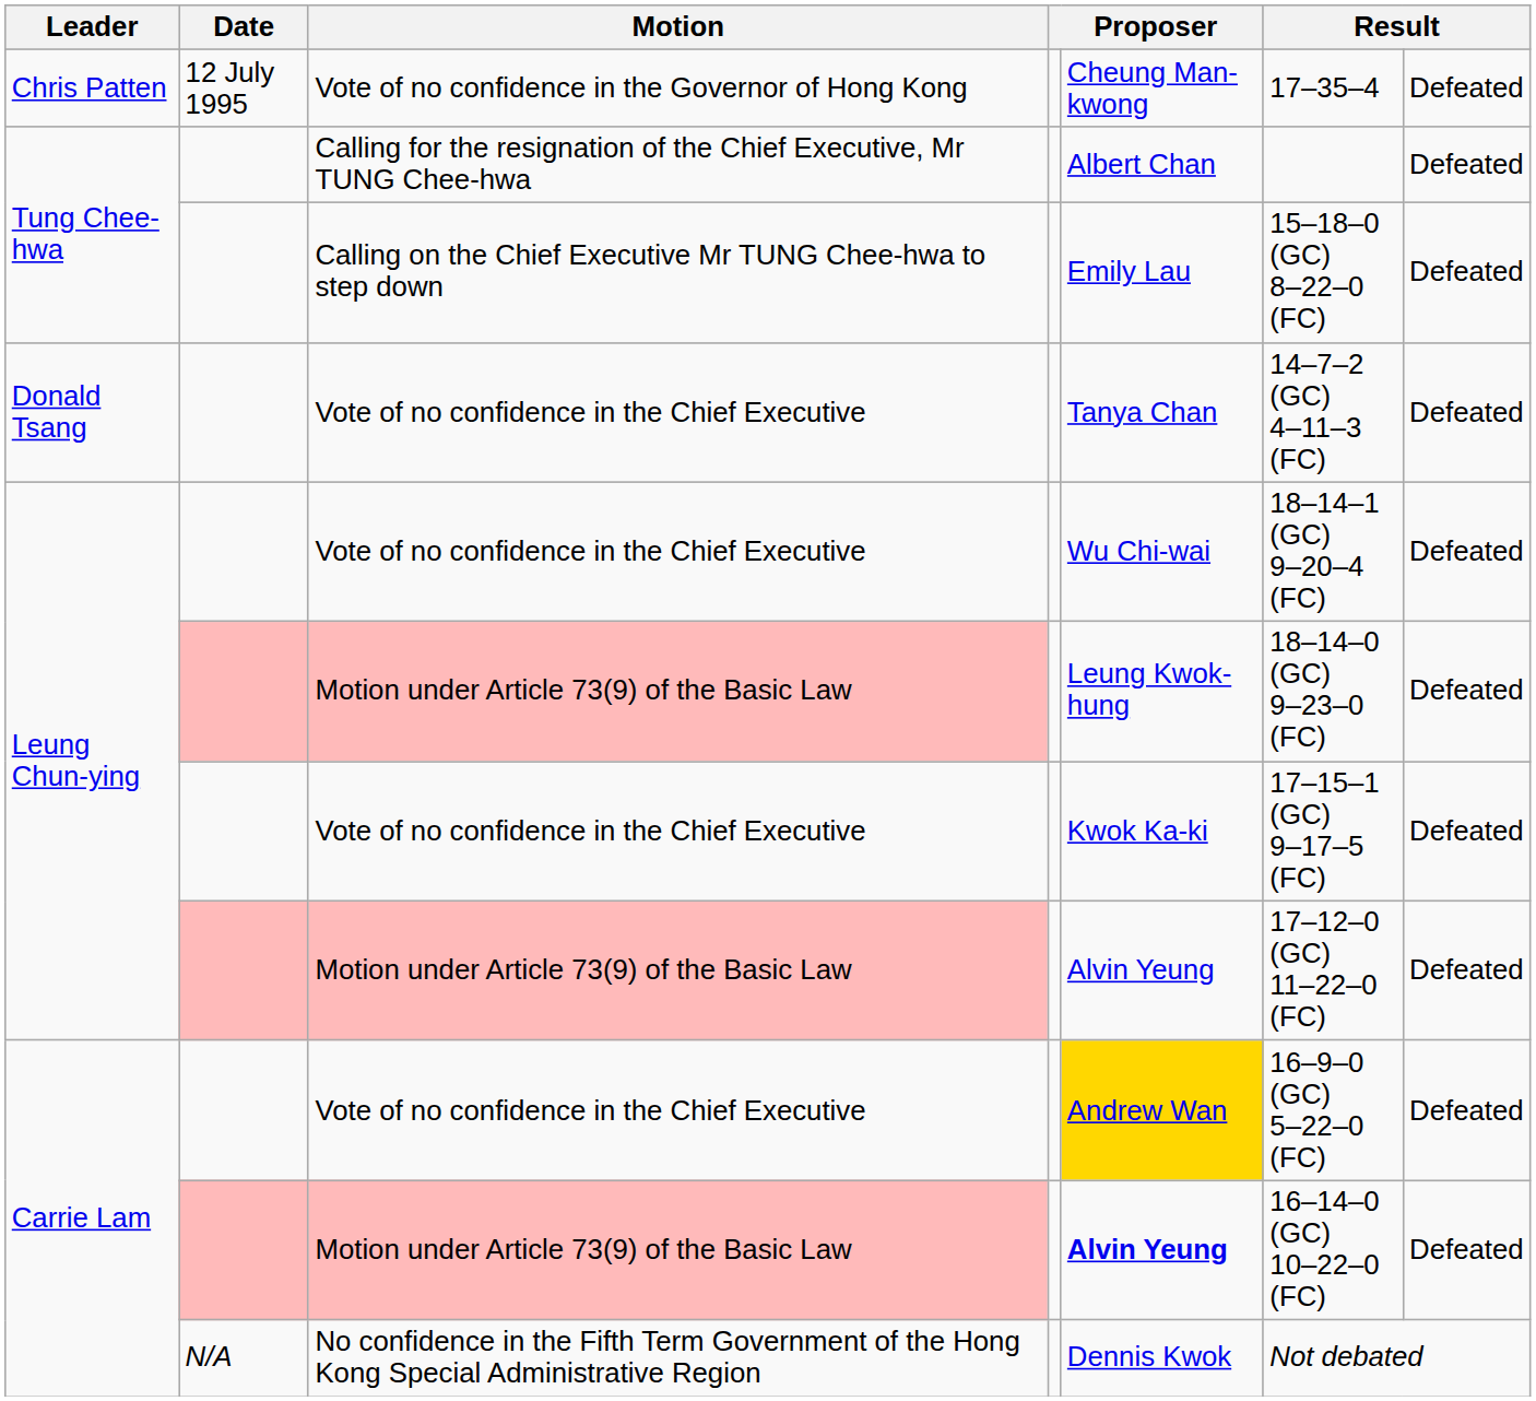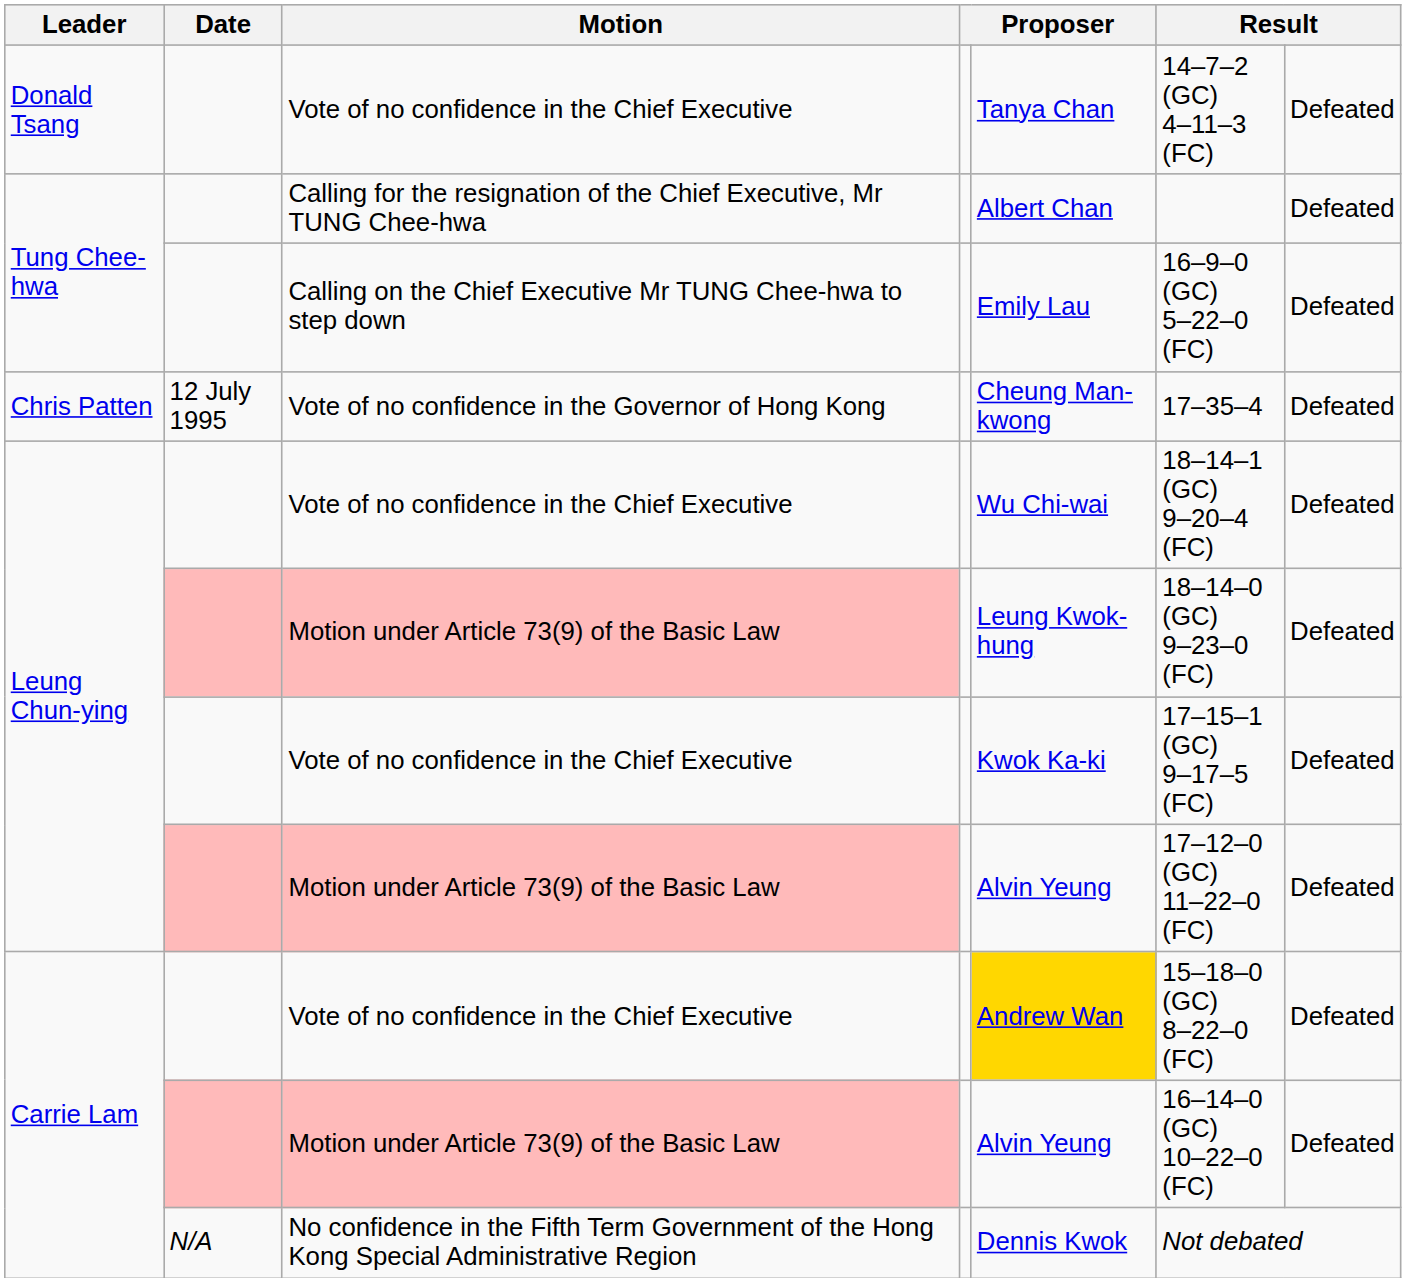 <table class="wikitable">
 <tr>
 <th>Leader</th>
 <th>Date</th>
 <th>Motion</th>
 <th colspan="2">Proposer</th>
 <th colspan="2">Result</th>
 </tr>
 <tr>
-<td><a href='#'>Chris Patten</a></td>
-<td>12 July 1995</td>
-<td>Vote of no confidence in the Governor of Hong Kong</td>
+<td><a href='#'>Donald Tsang</a></td>
 <td></td>
-<td><a href='#'>Cheung Man-kwong</a><br></td>
-<td>17–35–4</td>
+<td>Vote of no confidence in the Chief Executive</td>
+<td bgcolor=></td>
+<td><a href='#'>Tanya Chan</a><br></td>
+<td>14–7–2 (GC)<br>4–11–3 (FC)</td>
 <td>Defeated</td>
 </tr>
 <tr>
 <td rowspan="2"><a href='#'>Tung Chee-hwa</a></td>
 <td></td>
 <td>Calling for the resignation of the Chief Executive, Mr TUNG Chee-hwa</td>
 <td bgcolor=></td>
 <td><a href='#'>Albert Chan</a><br></td>
 <td><br></td>
 <td>Defeated</td>
 </tr>
 <tr>
 <td></td>
 <td>Calling on the Chief Executive Mr TUNG Chee-hwa to step down</td>
 <td bgcolor=></td>
 <td><a href='#'>Emily Lau</a><br></td>
-<td>15–18–0 (GC)<br>8–22–0 (FC)</td>
+<td>16–9–0 (GC)<br>5–22–0 (FC)</td>
 <td>Defeated</td>
 </tr>
 <tr>
-<td><a href='#'>Donald Tsang</a></td>
+<td><a href='#'>Chris Patten</a></td>
+<td>12 July 1995</td>
+<td>Vote of no confidence in the Governor of Hong Kong</td>
 <td></td>
-<td>Vote of no confidence in the Chief Executive</td>
-<td bgcolor=></td>
-<td><a href='#'>Tanya Chan</a><br></td>
-<td>14–7–2 (GC)<br>4–11–3 (FC)</td>
+<td><a href='#'>Cheung Man-kwong</a><br></td>
+<td>17–35–4</td>
 <td>Defeated</td>
 </tr>
 <tr>
 <td rowspan="4"><a href='#'>Leung Chun-ying</a></td>
 <td></td>
 <td>Vote of no confidence in the Chief Executive</td>
 <td bgcolor=></td>
 <td><a href='#'>Wu Chi-wai</a><br></td>
 <td>18–14–1 (GC)<br>9–20–4 (FC)</td>
 <td>Defeated</td>
 </tr>
 <tr>
 <td bgcolor=#ffbaba></td>
 <td bgcolor=#ffbaba>Motion under Article 73(9) of the Basic Law</td>
 <td bgcolor=></td>
 <td><a href='#'>Leung Kwok-hung</a><br></td>
 <td>18–14–0 (GC)<br>9–23–0 (FC)</td>
 <td>Defeated</td>
 </tr>
 <tr>
 <td></td>
 <td>Vote of no confidence in the Chief Executive</td>
 <td bgcolor=></td>
 <td><a href='#'>Kwok Ka-ki</a><br></td>
 <td>17–15–1 (GC)<br>9–17–5 (FC)</td>
 <td>Defeated</td>
 </tr>
 <tr>
 <td bgcolor=#ffbaba></td>
 <td bgcolor=#ffbaba>Motion under Article 73(9) of the Basic Law</td>
 <td bgcolor=></td>
 <td><a href='#'>Alvin Yeung</a><br></td>
 <td>17–12–0 (GC)<br>11–22–0 (FC)</td>
 <td>Defeated</td>
 </tr>
 <tr>
 <td rowspan="3"><a href='#'>Carrie Lam</a></td>
 <td></td>
 <td>Vote of no confidence in the Chief Executive</td>
 <td bgcolor=></td>
 <td style="background: gold;"><a href='#'>Andrew Wan</a><br></td>
-<td>16–9–0 (GC)<br>5–22–0 (FC)</td>
+<td>15–18–0 (GC)<br>8–22–0 (FC)</td>
 <td>Defeated</td>
 </tr>
 <tr>
 <td bgcolor=#ffbaba></td>
 <td bgcolor=#ffbaba>Motion under Article 73(9) of the Basic Law</td>
 <td bgcolor=></td>
-<td><strong><a href='#'>Alvin Yeung</a><br></strong></td>
+<td><a href='#'>Alvin Yeung</a><br></td>
 <td>16–14–0 (GC)<br>10–22–0 (FC)</td>
 <td>Defeated</td>
 </tr>
 <tr>
 <td><em>N/A</em></td>
 <td>No confidence in the Fifth Term Government of the Hong Kong Special Administrative Region</td>
 <td></td>
 <td><a href='#'>Dennis Kwok</a><br></td>
 <td colspan="2"><em>Not debated</em></td>
 </tr>
 </table>
